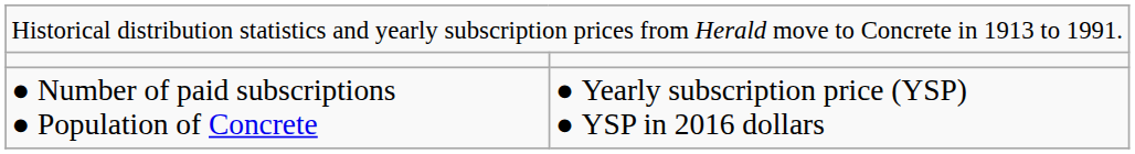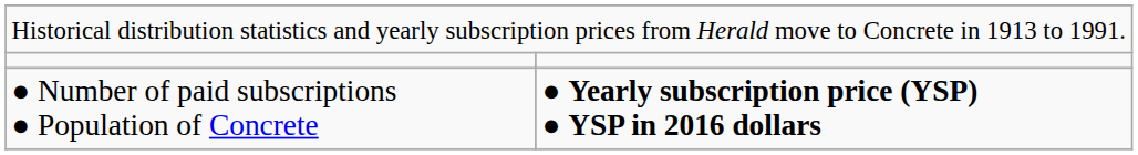 <table class="wikitable" style="margin-left: auto; margin-right: auto; border: none;">
 <tr>
 <td colspan="2"><small>Historical distribution statistics and yearly subscription prices from <em>Herald</em> move to Concrete in 1913 to 1991.</small></td>
 </tr>
 <tr>
 <td></td>
 <td></td>
 </tr>
 <tr>
 <td><div><span>●</span><span> Number of paid subscriptions</span><br><span>●</span><span> Population of <a href='#'>Concrete</a></span></div></td>
-<td><div><span>●</span><span> Yearly subscription price (YSP)</span><br><span>●</span><span> YSP in 2016 dollars</span></div></td>
+<td><strong><div><span>●</span><span> Yearly subscription price (YSP)</span><br><span>●</span><span> YSP in 2016 dollars</span></div></strong></td>
 </tr>
 </table>
